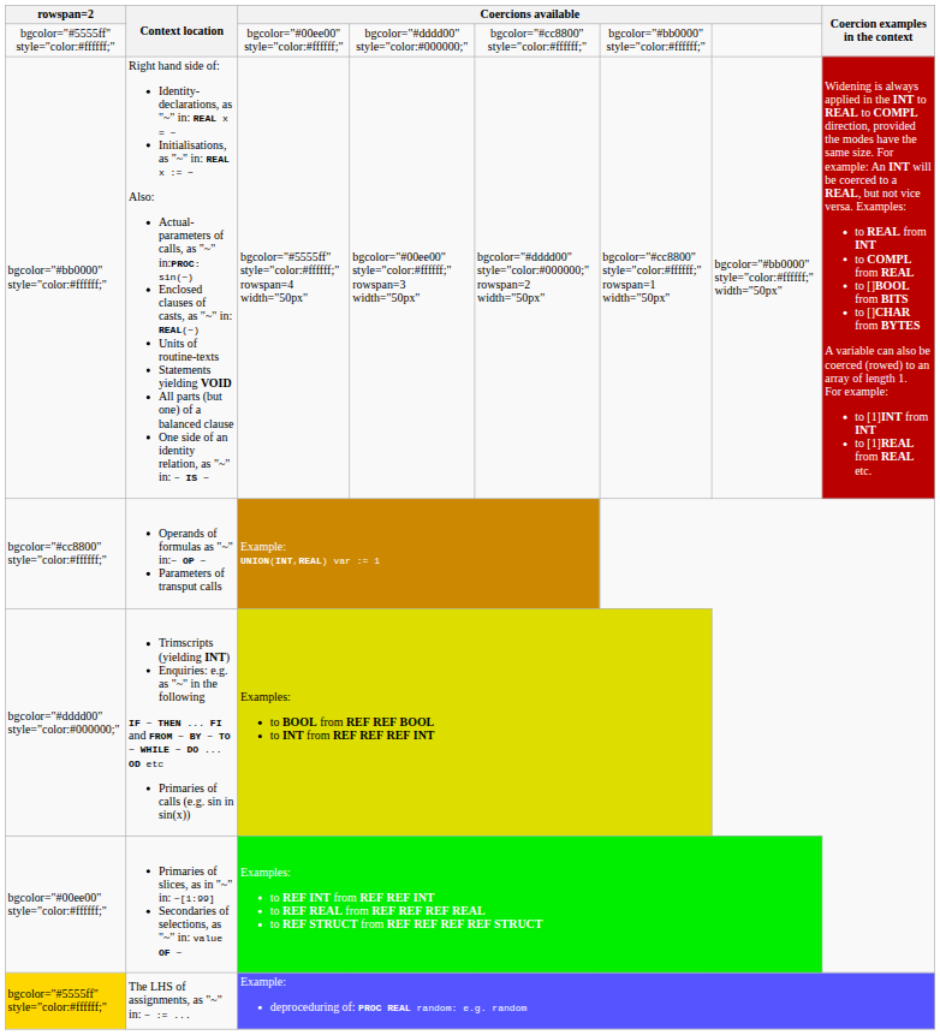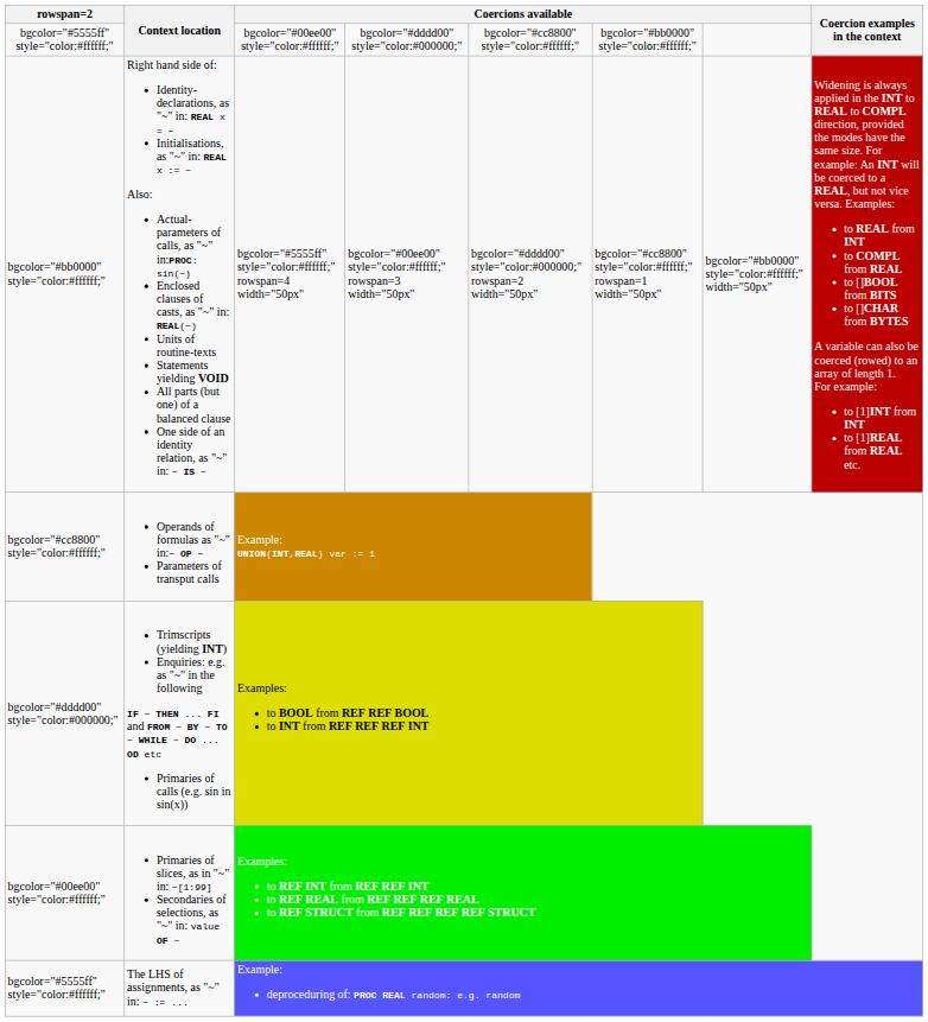 <table class="wikitable">
 <tr>
 <th>rowspan=2 </th>
 <th rowspan=2>Context location</th>
 <th colspan=5>Coercions available</th>
 <th rowspan=2>Coercion examples in the context</th>
 </tr>
 <tr style="text-align:center">
 <td>bgcolor="#5555ff" style="color:#ffffff;" </td>
 <td>bgcolor="#00ee00" style="color:#ffffff;" </td>
 <td>bgcolor="#dddd00" style="color:#000000;" </td>
 <td>bgcolor="#cc8800" style="color:#ffffff;" </td>
 <td>bgcolor="#bb0000" style="color:#ffffff;" </td>
 </tr>
 <tr>
 <td>bgcolor="#bb0000" style="color:#ffffff;" </td>
 <td>Right hand side of:<br><ul><li>Identity-declarations, as "~" in: <code><strong>REAL</strong> x = ~</code></li><li>Initialisations, as "~" in: <code><strong>REAL</strong> x := ~</code></li></ul>Also:<ul><li>Actual-parameters of calls, as "~" in:<code><strong>PROC</strong>: sin(~)</code></li><li>Enclosed clauses of casts, as "~" in: <code><strong>REAL</strong>(~)</code></li><li>Units of routine-texts</li><li>Statements yielding <strong>VOID</strong></li><li>All parts (but one) of a balanced clause</li><li>One side of an identity relation, as "~" in: <code> ~ <strong>IS</strong> ~</code></li></ul></td>
 <td>bgcolor="#5555ff" style="color:#ffffff;" rowspan=4 width="50px" </td>
 <td>bgcolor="#00ee00" style="color:#ffffff;" rowspan=3 width="50px" </td>
 <td>bgcolor="#dddd00" style="color:#000000;" rowspan=2 width="50px" </td>
 <td>bgcolor="#cc8800" style="color:#ffffff;" rowspan=1 width="50px" </td>
 <td>bgcolor="#bb0000" style="color:#ffffff;" width="50px" </td>
 <td colspan=1 bgcolor="#bb0000" style="color:#ffffff;"><br>Widening is always applied in the <strong>INT</strong> to <strong>REAL</strong> to <strong>COMPL</strong> direction, provided the modes have the same size. For example: An <strong>INT</strong> will be coerced to a <strong>REAL</strong>, but not vice versa.  Examples:<ul><li>to <strong>REAL</strong> from <strong>INT</strong></li><li>to <strong>COMPL</strong> from <strong>REAL</strong></li><li>to []<strong>BOOL</strong> from <strong>BITS</strong></li><li>to []<strong>CHAR</strong>  from <strong>BYTES</strong></li></ul>A variable can also be coerced (rowed) to an array of length 1.<br>For example:<ul><li>to [1]<strong>INT</strong> from <strong>INT</strong></li><li>to [1]<strong>REAL</strong> from <strong>REAL</strong> etc.</li></ul></td>
 </tr>
 <tr>
 <td>bgcolor="#cc8800" style="color:#ffffff;" </td>
 <td><br><ul><li>Operands of formulas as "~" in:<code>~ <strong>OP</strong> ~</code></li><li>Parameters of transput calls</li></ul></td>
 <td colspan=3 bgcolor="#cc8800" style="color:#ffffff;">Example:<br><code><strong>UNION</strong>(<strong>INT</strong>,<strong>REAL</strong>) var := 1</code></td>
 </tr>
 <tr>
 <td>bgcolor="#dddd00" style="color:#000000;" </td>
 <td><br><ul><li>Trimscripts (yielding <strong>INT</strong>)</li><li>Enquiries: e.g. as "~" in the following</li></ul><code><strong>IF</strong> ~ <strong>THEN</strong> ... <strong>FI</strong></code> and  <code><strong>FROM</strong> ~ <strong>BY</strong> ~ <strong>TO</strong> ~ <strong>WHILE</strong> ~ <strong>DO</strong> ... <strong>OD</strong> etc</code><ul><li>Primaries of calls (e.g. sin in sin(x))</li></ul></td>
 <td colspan=4 bgcolor="#dddd00" style="color:#000000;">Examples:<br><ul><li>to <strong>BOOL</strong> from <strong>REF</strong> <strong>REF</strong> <strong>BOOL</strong></li><li>to <strong>INT</strong> from <strong>REF</strong> <strong>REF</strong> <strong>REF</strong> <strong>INT</strong></li></ul></td>
 </tr>
 <tr>
 <td>bgcolor="#00ee00" style="color:#ffffff;" </td>
 <td><br><ul><li>Primaries of slices, as in "~" in: <code>~[1:99]</code></li><li>Secondaries of selections, as "~" in: <code>value <strong>OF</strong> ~</code></li></ul></td>
 <td colspan=5 bgcolor="#00ee00" style="color:#ffffff;">Examples:<br><ul><li>to <strong>REF</strong> <strong>INT</strong> from <strong>REF</strong> <strong>REF</strong> <strong>INT</strong></li><li>to <strong>REF</strong> <strong>REAL</strong> from <strong>REF</strong> <strong>REF</strong> <strong>REF</strong> <strong>REAL</strong></li><li>to <strong>REF</strong> <strong>STRUCT</strong> from <strong>REF</strong> <strong>REF</strong> <strong>REF</strong> <strong>REF</strong> <strong>STRUCT</strong></li></ul></td>
 </tr>
 <tr>
-<td style="background: gold;">bgcolor="#5555ff" style="color:#ffffff;" </td>
+<td>bgcolor="#5555ff" style="color:#ffffff;" </td>
 <td>The LHS of assignments, as "~" in: <code>~ := ...</code></td>
 <td colspan=6 bgcolor="#5555ff" style="color:#ffffff;">Example:<br><ul><li>deproceduring of: <code><strong>PROC</strong> <strong>REAL</strong> random: e.g. random</code></li></ul></td>
 </tr>
 </table>
